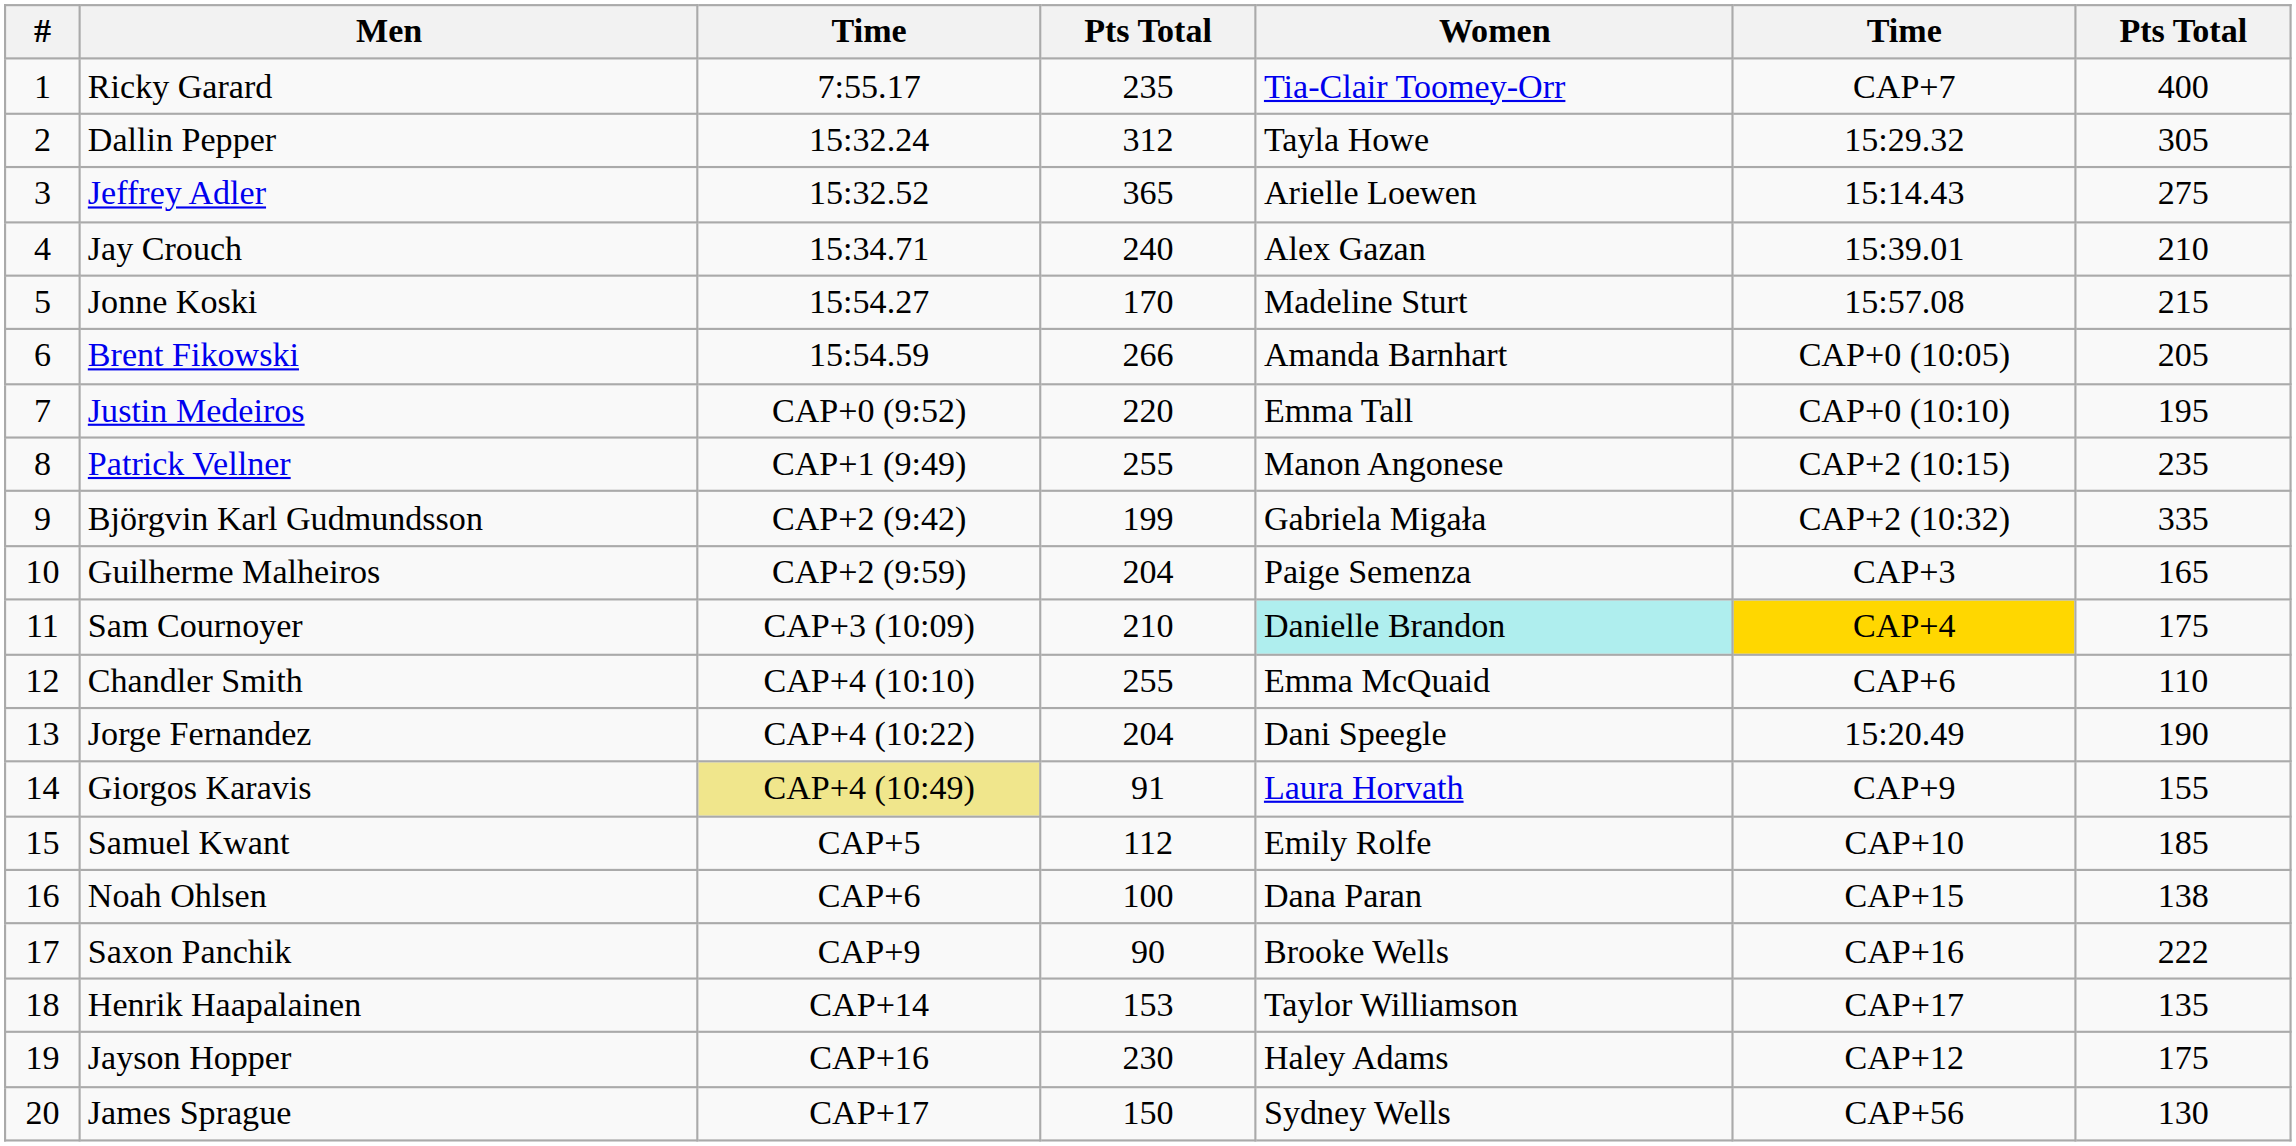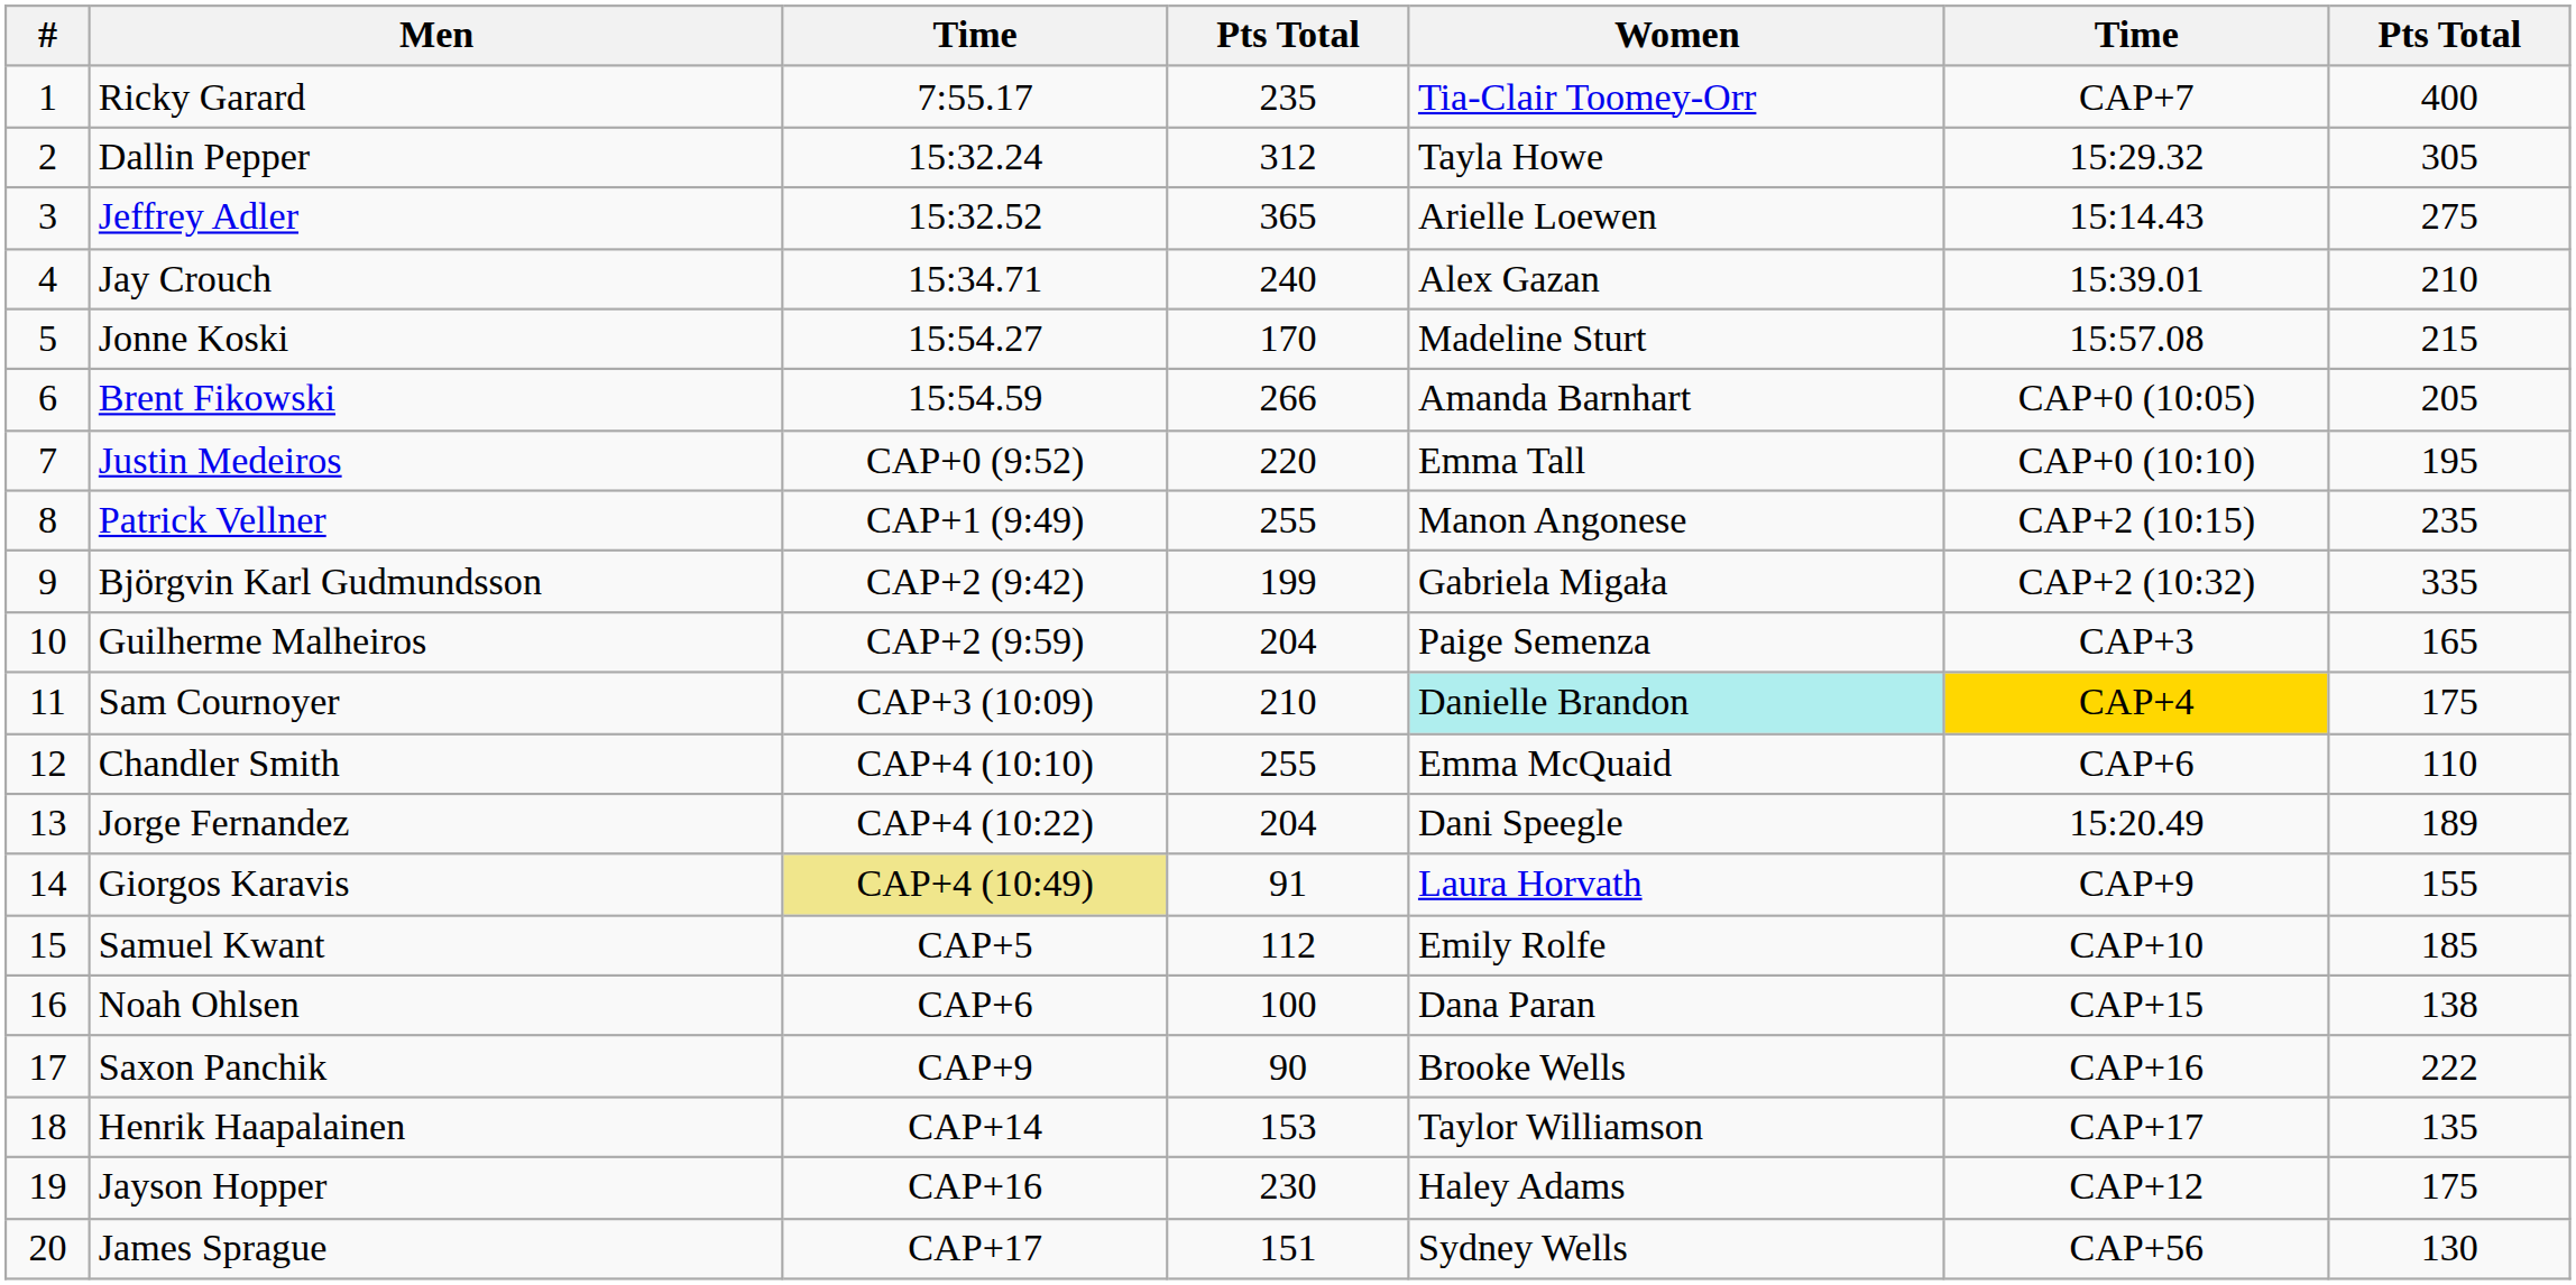 <table class="wikitable sortable" style="display: inline-table;width: 85%; text-align:center">
 <tr>
 <th>#</th>
 <th>Men</th>
 <th>Time</th>
 <th>Pts Total</th>
 <th>Women</th>
 <th>Time</th>
 <th>Pts Total</th>
 </tr>
 <tr>
 <td>1</td>
 <td align=left> Ricky Garard</td>
 <td>7:55.17</td>
 <td>235</td>
 <td align=left> <a href='#'>Tia-Clair Toomey-Orr</a></td>
 <td>CAP+7</td>
 <td>400</td>
 </tr>
 <tr>
 <td>2</td>
 <td align=left> Dallin Pepper</td>
 <td>15:32.24</td>
 <td>312</td>
 <td align=left> Tayla Howe</td>
 <td>15:29.32</td>
 <td>305</td>
 </tr>
 <tr>
 <td>3</td>
 <td align=left> <a href='#'>Jeffrey Adler</a></td>
 <td>15:32.52</td>
 <td>365</td>
 <td align=left> Arielle Loewen</td>
 <td>15:14.43</td>
 <td>275</td>
 </tr>
 <tr>
 <td>4</td>
 <td align=left> Jay Crouch</td>
 <td>15:34.71</td>
 <td>240</td>
 <td align=left> Alex Gazan</td>
 <td>15:39.01</td>
 <td>210</td>
 </tr>
 <tr>
 <td>5</td>
 <td align=left> Jonne Koski</td>
 <td>15:54.27</td>
 <td>170</td>
 <td align=left> Madeline Sturt</td>
 <td>15:57.08</td>
 <td>215</td>
 </tr>
 <tr>
 <td>6</td>
 <td align=left> <a href='#'>Brent Fikowski</a></td>
 <td>15:54.59</td>
 <td>266</td>
 <td align=left> Amanda Barnhart</td>
 <td>CAP+0 (10:05)</td>
 <td>205</td>
 </tr>
 <tr>
 <td>7</td>
 <td align=left> <a href='#'>Justin Medeiros</a></td>
 <td>CAP+0 (9:52)</td>
 <td>220</td>
 <td align=left> Emma Tall</td>
 <td>CAP+0 (10:10)</td>
 <td>195</td>
 </tr>
 <tr>
 <td>8</td>
 <td align=left> <a href='#'>Patrick Vellner</a></td>
 <td>CAP+1 (9:49)</td>
 <td>255</td>
 <td align=left> Manon Angonese</td>
 <td>CAP+2 (10:15)</td>
 <td>235</td>
 </tr>
 <tr>
 <td>9</td>
 <td align=left> Björgvin Karl Gudmundsson</td>
 <td>CAP+2 (9:42)</td>
 <td>199</td>
 <td align=left> Gabriela Migała</td>
 <td>CAP+2  (10:32)</td>
 <td>335</td>
 </tr>
 <tr>
 <td>10</td>
 <td align=left> Guilherme Malheiros</td>
 <td>CAP+2 (9:59)</td>
 <td>204</td>
 <td align=left> Paige Semenza</td>
 <td>CAP+3</td>
 <td>165</td>
 </tr>
 <tr>
 <td>11</td>
 <td align=left> Sam Cournoyer</td>
 <td>CAP+3 (10:09)</td>
 <td>210</td>
 <td align=left style="background: paleturquoise;"> Danielle Brandon</td>
 <td style="background: gold;">CAP+4</td>
 <td>175</td>
 </tr>
 <tr>
 <td>12</td>
 <td align=left> Chandler Smith</td>
 <td>CAP+4 (10:10)</td>
 <td>255</td>
 <td align=left> Emma McQuaid</td>
 <td>CAP+6</td>
 <td>110</td>
 </tr>
 <tr>
 <td>13</td>
 <td align=left> Jorge Fernandez</td>
 <td>CAP+4 (10:22)</td>
 <td>204</td>
 <td align=left> Dani Speegle</td>
 <td>15:20.49</td>
-<td>190</td>
+<td>189</td>
 </tr>
 <tr>
 <td>14</td>
 <td align=left> Giorgos Karavis</td>
 <td style="background: khaki;">CAP+4 (10:49)</td>
 <td>91</td>
 <td align=left> <a href='#'>Laura Horvath</a></td>
 <td>CAP+9</td>
 <td>155</td>
 </tr>
 <tr>
 <td>15</td>
 <td align=left> Samuel Kwant</td>
 <td>CAP+5</td>
 <td>112</td>
 <td align=left> Emily Rolfe</td>
 <td>CAP+10</td>
 <td>185</td>
 </tr>
 <tr>
 <td>16</td>
 <td align=left> Noah Ohlsen</td>
 <td>CAP+6</td>
 <td>100</td>
 <td align=left> Dana Paran</td>
 <td>CAP+15</td>
 <td>138</td>
 </tr>
 <tr>
 <td>17</td>
 <td align=left> Saxon Panchik</td>
 <td>CAP+9</td>
 <td>90</td>
 <td align=left> Brooke Wells</td>
 <td>CAP+16</td>
 <td>222</td>
 </tr>
 <tr>
 <td>18</td>
 <td align=left> Henrik Haapalainen</td>
 <td>CAP+14</td>
 <td>153</td>
 <td align=left> Taylor Williamson</td>
 <td>CAP+17</td>
 <td>135</td>
 </tr>
 <tr>
 <td>19</td>
 <td align=left> Jayson Hopper</td>
 <td>CAP+16</td>
 <td>230</td>
 <td align=left> Haley Adams</td>
 <td>CAP+12</td>
 <td>175</td>
 </tr>
 <tr>
 <td>20</td>
 <td align=left> James Sprague</td>
 <td>CAP+17</td>
-<td>150</td>
+<td>151</td>
 <td align=left> Sydney Wells</td>
 <td>CAP+56</td>
 <td>130</td>
 </tr>
 </table>
